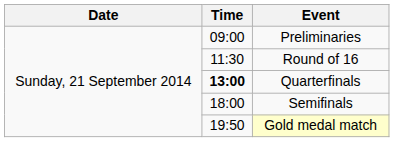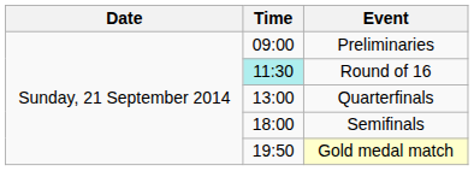 <table class = "wikitable" style="text-align:center;">
 <tr>
 <th width=220>Date</th>
 <th width=50>Time</th>
 <th width=150>Event</th>
 </tr>
 <tr>
 <td rowspan=5>Sunday, 21 September 2014</td>
 <td>09:00</td>
 <td>Preliminaries</td>
 </tr>
 <tr>
-<td>11:30</td>
+<td style="background: paleturquoise;">11:30</td>
 <td>Round of 16</td>
 </tr>
 <tr>
-<td><strong>13:00</strong></td>
+<td>13:00</td>
 <td>Quarterfinals</td>
 </tr>
 <tr>
 <td>18:00</td>
 <td>Semifinals</td>
 </tr>
 <tr>
 <td>19:50</td>
 <td bgcolor=ffffcc>Gold medal match</td>
 </tr>
 </table>
